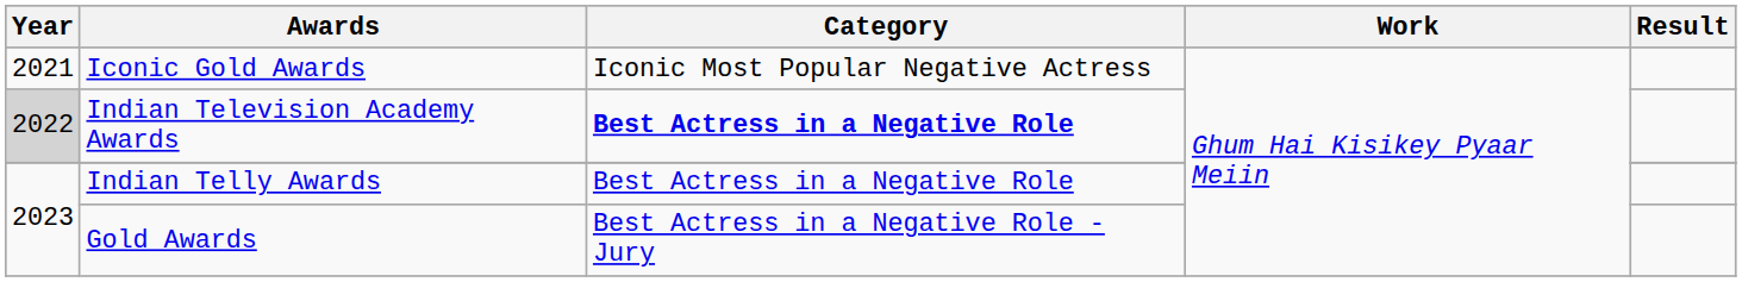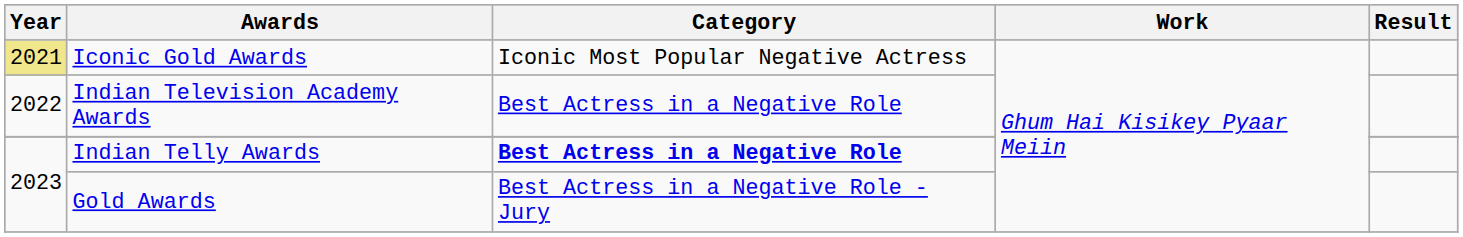 <table class="wikitable">
 <tr>
 <th>Year</th>
 <th>Awards</th>
 <th>Category</th>
 <th>Work</th>
 <th>Result</th>
 </tr>
 <tr>
-<td>2021</td>
+<td style="background: khaki;">2021</td>
 <td><a href='#'>Iconic Gold Awards</a></td>
 <td>Iconic Most Popular Negative Actress</td>
 <td rowspan="5"><em><a href='#'>Ghum Hai Kisikey Pyaar Meiin</a></em></td>
 <td></td>
 </tr>
 <tr>
-<td style="background: lightgrey;">2022</td>
+<td>2022</td>
 <td><a href='#'>Indian Television Academy Awards</a></td>
-<td><strong><a href='#'>Best Actress in a Negative Role</a></strong></td>
+<td><a href='#'>Best Actress in a Negative Role</a></td>
 <td></td>
 </tr>
 <tr>
 </tr>
 <tr>
 <td rowspan="2">2023</td>
 <td><a href='#'>Indian Telly Awards</a></td>
-<td><a href='#'>Best Actress in a Negative Role</a></td>
+<td><strong><a href='#'>Best Actress in a Negative Role</a></strong></td>
 <td></td>
 </tr>
 <tr>
 <td><a href='#'>Gold Awards</a></td>
 <td><a href='#'>Best Actress in a Negative Role - Jury</a></td>
 <td></td>
 </tr>
 </table>
